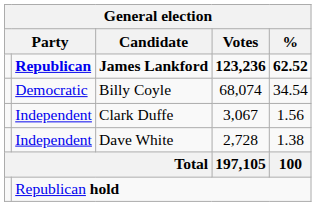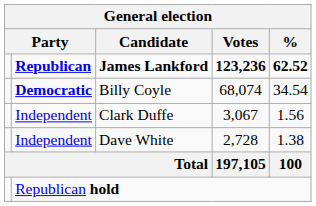 <table class=wikitable>
 <tr>
 <th colspan = 6>General election</th>
 </tr>
 <tr>
 <th colspan=2>Party</th>
 <th>Candidate</th>
 <th>Votes</th>
 <th>%</th>
 </tr>
 <tr>
 <td></td>
 <td><strong><a href='#'>Republican</a></strong></td>
 <td><strong>James Lankford</strong></td>
 <td align=center><strong>123,236</strong></td>
 <td align=center><strong>62.52</strong></td>
 </tr>
 <tr>
 <td></td>
-<td><a href='#'>Democratic</a></td>
+<td><strong><a href='#'>Democratic</a></strong></td>
 <td>Billy Coyle</td>
 <td align=center>68,074</td>
 <td align=center>34.54</td>
 </tr>
 <tr>
 <td></td>
 <td><a href='#'>Independent</a></td>
 <td>Clark Duffe</td>
 <td align=center>3,067</td>
 <td align=center>1.56</td>
 </tr>
 <tr>
 <td></td>
 <td><a href='#'>Independent</a></td>
 <td>Dave White</td>
 <td align=center>2,728</td>
 <td align=center>1.38</td>
 </tr>
 <tr>
 <th colspan=3; style="text-align:right;">Total</th>
 <th align=center>197,105</th>
 <th align=center>100</th>
 </tr>
 <tr>
 <td></td>
 <td colspan=6; style="text-align:left;"><a href='#'>Republican</a> <strong>hold</strong></td>
 </tr>
 </table>
